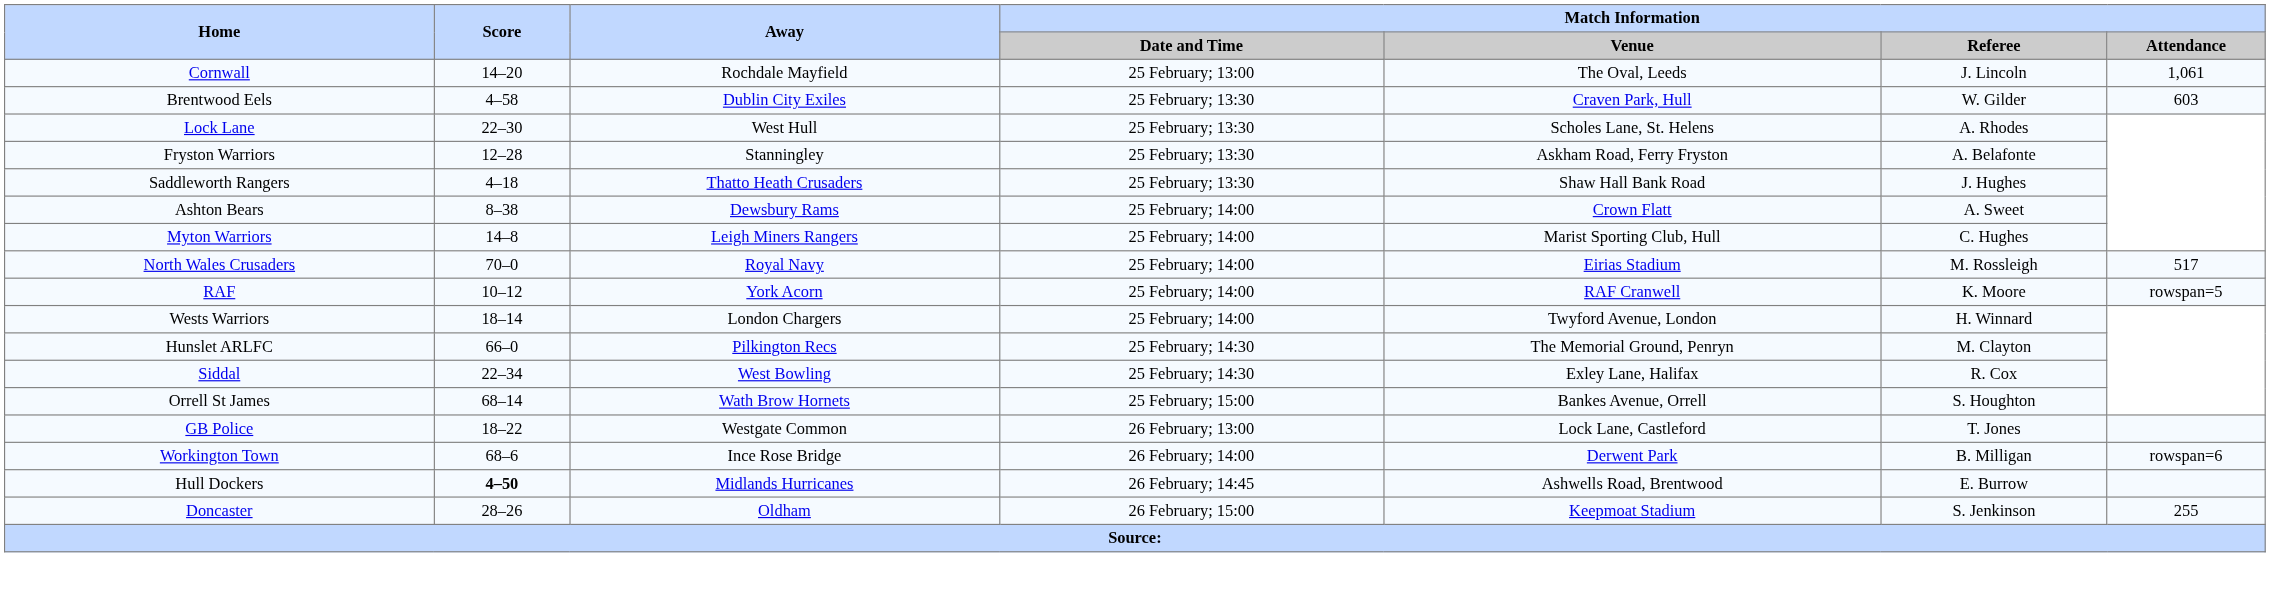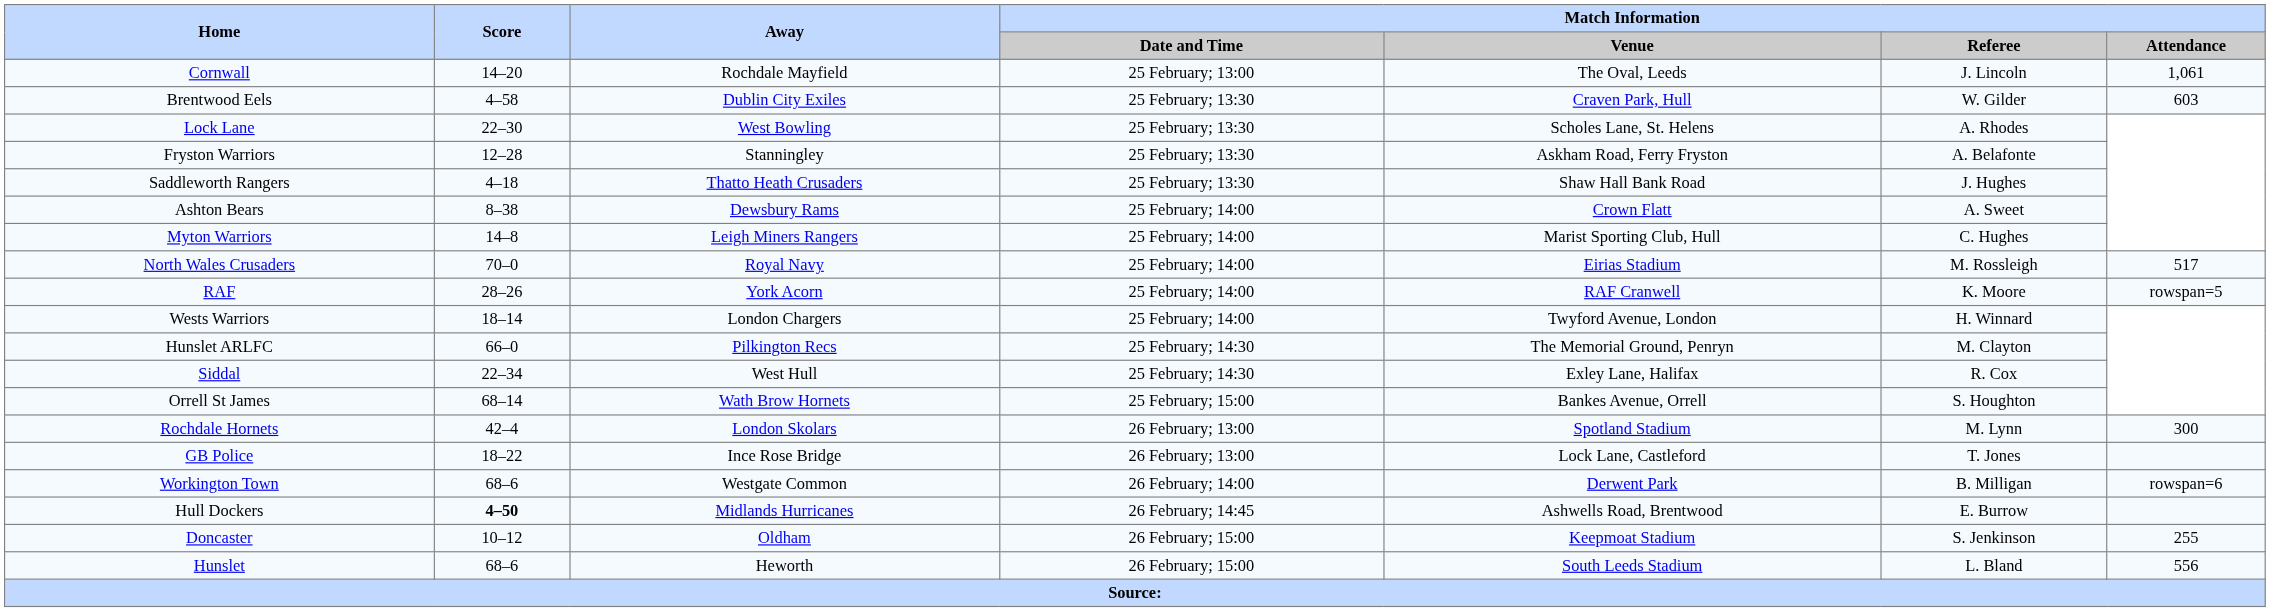 <table border=1 style="border-collapse:collapse; font-size:90%; text-align:center"; cellpadding=3 cellspacing=0 width=100%>
 <tr bgcolor="#c1d8ff">
 <th rowspan=2 width=19%>Home</th>
 <th rowspan=2 width=6%>Score</th>
 <th rowspan=2 width=19%>Away</th>
 <th colspan=4>Match Information</th>
 </tr>
 <tr bgcolor="#cccccc">
 <th width=17%>Date and Time</th>
 <th width=22%>Venue</th>
 <th width=10%>Referee</th>
 <th width=7%>Attendance</th>
 </tr>
 <tr bgcolor=#f5faff>
 <td> <a href='#'>Cornwall</a></td>
 <td>14–20</td>
 <td>Rochdale Mayfield</td>
 <td>25 February; 13:00</td>
 <td>The Oval, Leeds</td>
 <td>J. Lincoln</td>
 <td>1,061</td>
 </tr>
 <tr bgcolor=#f5faff>
 <td>Brentwood Eels</td>
 <td>4–58</td>
 <td><a href='#'>Dublin City Exiles</a></td>
 <td>25 February; 13:30</td>
 <td><a href='#'>Craven Park, Hull</a></td>
 <td>W. Gilder</td>
 <td>603</td>
 </tr>
 <tr bgcolor=#f5faff>
 <td><a href='#'>Lock Lane</a></td>
 <td>22–30</td>
-<td>West Hull</td>
+<td><a href='#'>West Bowling</a></td>
 <td>25 February; 13:30</td>
 <td>Scholes Lane, St. Helens</td>
 <td>A. Rhodes</td>
 </tr>
 <tr bgcolor=#f5faff>
 <td>Fryston Warriors</td>
 <td>12–28</td>
 <td>Stanningley</td>
 <td>25 February; 13:30</td>
 <td>Askham Road, Ferry Fryston</td>
 <td>A. Belafonte</td>
 </tr>
 <tr bgcolor=#f5faff>
 <td>Saddleworth Rangers</td>
 <td>4–18</td>
 <td><a href='#'>Thatto Heath Crusaders</a></td>
 <td>25 February; 13:30</td>
 <td>Shaw Hall Bank Road</td>
 <td>J. Hughes</td>
 </tr>
 <tr bgcolor=#f5faff>
 <td>Ashton Bears</td>
 <td>8–38</td>
 <td> <a href='#'>Dewsbury Rams</a></td>
 <td>25 February; 14:00</td>
 <td><a href='#'>Crown Flatt</a></td>
 <td>A. Sweet</td>
 </tr>
 <tr bgcolor=#f5faff>
 <td><a href='#'>Myton Warriors</a></td>
 <td>14–8</td>
 <td><a href='#'>Leigh Miners Rangers</a></td>
 <td>25 February; 14:00</td>
 <td>Marist Sporting Club, Hull</td>
 <td>C. Hughes</td>
 </tr>
 <tr bgcolor=#f5faff>
 <td> <a href='#'>North Wales Crusaders</a></td>
 <td>70–0</td>
 <td><a href='#'>Royal Navy</a></td>
 <td>25 February; 14:00</td>
 <td><a href='#'>Eirias Stadium</a></td>
 <td>M. Rossleigh</td>
 <td>517</td>
 </tr>
 <tr bgcolor=#f5faff>
 <td><a href='#'>RAF</a></td>
-<td>10–12</td>
+<td>28–26</td>
 <td><a href='#'>York Acorn</a></td>
 <td>25 February; 14:00</td>
 <td><a href='#'>RAF Cranwell</a></td>
 <td>K. Moore</td>
 <td>rowspan=5 </td>
 </tr>
 <tr bgcolor=#f5faff>
 <td>Wests Warriors</td>
 <td>18–14</td>
 <td>London Chargers</td>
 <td>25 February; 14:00</td>
 <td>Twyford Avenue, London</td>
 <td>H. Winnard</td>
 </tr>
 <tr bgcolor=#f5faff>
 <td>Hunslet ARLFC</td>
 <td>66–0</td>
 <td><a href='#'>Pilkington Recs</a></td>
 <td>25 February; 14:30</td>
 <td>The Memorial Ground, Penryn</td>
 <td>M. Clayton</td>
 </tr>
 <tr bgcolor=#f5faff>
 <td><a href='#'>Siddal</a></td>
 <td>22–34</td>
-<td><a href='#'>West Bowling</a></td>
+<td>West Hull</td>
 <td>25 February; 14:30</td>
 <td>Exley Lane, Halifax</td>
 <td>R. Cox</td>
 </tr>
 <tr bgcolor=#f5faff>
 <td>Orrell St James</td>
 <td>68–14</td>
 <td><a href='#'>Wath Brow Hornets</a></td>
 <td>25 February; 15:00</td>
 <td>Bankes Avenue, Orrell</td>
 <td>S. Houghton</td>
 </tr>
 <tr bgcolor=#f5faff>
+<td> <a href='#'>Rochdale Hornets</a></td>
+<td>42–4</td>
+<td> <a href='#'>London Skolars</a></td>
+<td>26 February; 13:00</td>
+<td><a href='#'>Spotland Stadium</a></td>
+<td>M. Lynn</td>
+<td>300</td>
+</tr>
+<tr bgcolor=#f5faff>
 <td><a href='#'>GB Police</a></td>
 <td>18–22</td>
-<td>Westgate Common</td>
+<td>Ince Rose Bridge</td>
 <td>26 February; 13:00</td>
 <td>Lock Lane, Castleford</td>
 <td>T. Jones</td>
 <td></td>
 </tr>
 <tr bgcolor=#f5faff>
 <td> <a href='#'>Workington Town</a></td>
 <td>68–6</td>
-<td>Ince Rose Bridge</td>
+<td>Westgate Common</td>
 <td>26 February; 14:00</td>
 <td><a href='#'>Derwent Park</a></td>
 <td>B. Milligan</td>
 <td>rowspan=6 </td>
 </tr>
 <tr bgcolor=#f5faff>
 <td>Hull Dockers</td>
 <td><strong>4–50</strong></td>
 <td> <a href='#'>Midlands Hurricanes</a></td>
 <td>26 February; 14:45</td>
 <td>Ashwells Road, Brentwood</td>
 <td>E. Burrow</td>
 <td></td>
 </tr>
 <tr bgcolor=#f5faff>
 <td> <a href='#'>Doncaster</a></td>
-<td>28–26</td>
+<td>10–12</td>
 <td> <a href='#'>Oldham</a></td>
 <td>26 February; 15:00</td>
 <td><a href='#'>Keepmoat Stadium</a></td>
 <td>S. Jenkinson</td>
 <td>255</td>
 </tr>
+<tr bgcolor=#f5faff>
+<td> <a href='#'>Hunslet</a></td>
+<td>68–6</td>
+<td>Heworth</td>
+<td>26 February; 15:00</td>
+<td><a href='#'>South Leeds Stadium</a></td>
+<td>L. Bland</td>
+<td>556</td>
+</tr>
 <tr bgcolor=#c1d8ff>
 <th colspan=7>Source:</th>
 </tr>
 </table>
